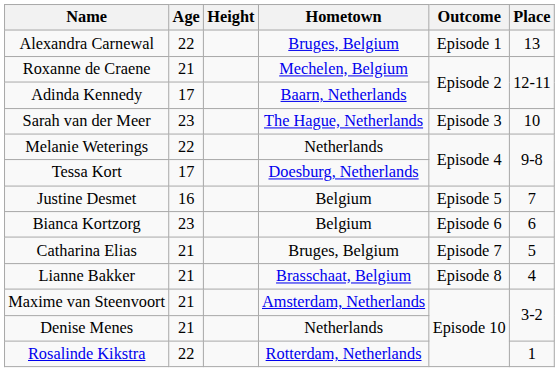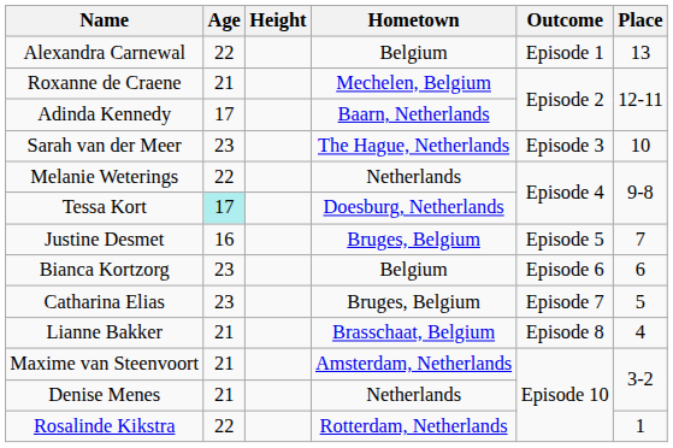 <table class="wikitable sortable" style="text-align:center;">
 <tr>
 <th>Name</th>
 <th>Age</th>
 <th>Height</th>
 <th>Hometown</th>
 <th>Outcome</th>
 <th>Place</th>
 </tr>
 <tr>
 <td>Alexandra Carnewal</td>
 <td>22</td>
 <td nowrap></td>
-<td nowrap><a href='#'>Bruges, Belgium</a></td>
+<td>Belgium</td>
 <td nowrap>Episode 1</td>
 <td>13</td>
 </tr>
 <tr>
 <td>Roxanne de Craene</td>
 <td>21</td>
 <td nowrap></td>
 <td nowrap><a href='#'>Mechelen, Belgium</a></td>
 <td rowspan="2">Episode 2</td>
 <td rowspan="2">12-11</td>
 </tr>
 <tr>
 <td>Adinda Kennedy</td>
 <td>17</td>
 <td></td>
 <td><a href='#'>Baarn, Netherlands</a></td>
 </tr>
 <tr>
 <td>Sarah van der Meer</td>
 <td>23</td>
 <td></td>
 <td nowrap><a href='#'>The Hague, Netherlands</a></td>
 <td>Episode 3</td>
 <td>10</td>
 </tr>
 <tr>
 <td>Melanie Weterings</td>
 <td>22</td>
 <td></td>
 <td>Netherlands</td>
 <td rowspan="2">Episode 4</td>
 <td rowspan="2">9-8</td>
 </tr>
 <tr>
 <td>Tessa Kort</td>
-<td>17</td>
+<td style="background: paleturquoise;">17</td>
 <td></td>
 <td><a href='#'>Doesburg, Netherlands</a></td>
 </tr>
 <tr>
 <td>Justine Desmet</td>
 <td>16</td>
 <td></td>
-<td>Belgium</td>
+<td nowrap><a href='#'>Bruges, Belgium</a></td>
 <td>Episode 5</td>
 <td>7</td>
 </tr>
 <tr>
 <td>Bianca Kortzorg</td>
 <td>23</td>
 <td></td>
 <td>Belgium</td>
 <td>Episode 6</td>
 <td>6</td>
 </tr>
 <tr>
 <td>Catharina Elias</td>
-<td>21</td>
+<td>23</td>
 <td></td>
 <td>Bruges, Belgium</td>
 <td>Episode 7</td>
 <td>5</td>
 </tr>
 <tr>
 <td>Lianne Bakker</td>
 <td>21</td>
 <td></td>
 <td><a href='#'>Brasschaat, Belgium</a></td>
 <td>Episode 8</td>
 <td>4</td>
 </tr>
 <tr>
 <td nowrap>Maxime van Steenvoort</td>
 <td>21</td>
 <td></td>
 <td nowrap><a href='#'>Amsterdam, Netherlands</a></td>
 <td rowspan="3">Episode 10</td>
 <td rowspan="2">3-2</td>
 </tr>
 <tr>
 <td>Denise Menes</td>
 <td>21</td>
 <td></td>
 <td>Netherlands</td>
 </tr>
 <tr>
 <td><a href='#'>Rosalinde Kikstra</a></td>
 <td>22</td>
 <td nowrap></td>
 <td nowrap><a href='#'>Rotterdam, Netherlands</a></td>
 <td>1</td>
 </tr>
 </table>
